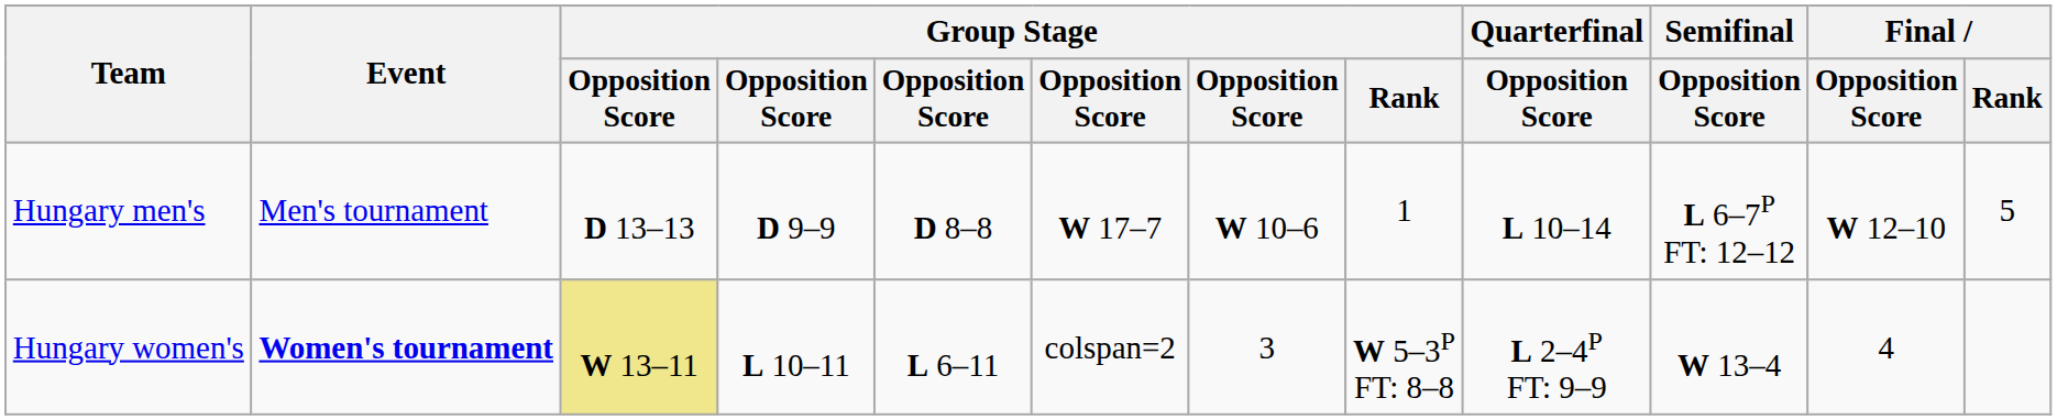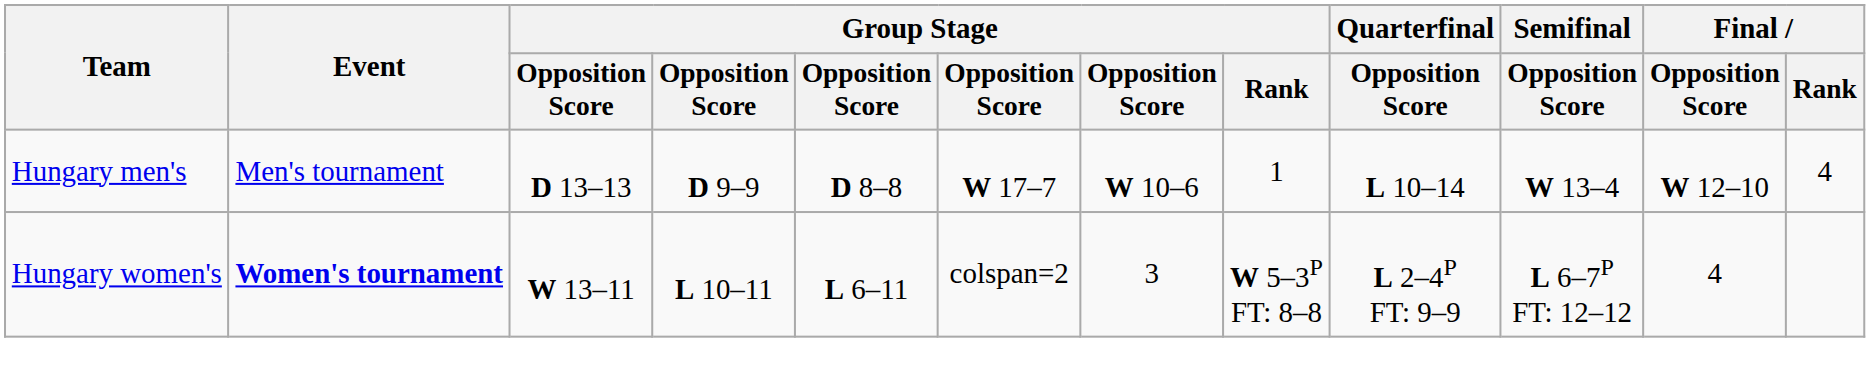 <table class="wikitable" style="font-size:90%">
 <tr>
 <th rowspan=2>Team</th>
 <th rowspan=2>Event</th>
 <th colspan=6>Group Stage</th>
 <th>Quarterfinal</th>
 <th>Semifinal</th>
 <th colspan=2>Final / </th>
 </tr>
 <tr style="font-size:95%">
 <th>Opposition<br>Score</th>
 <th>Opposition<br>Score</th>
 <th>Opposition<br>Score</th>
 <th>Opposition<br>Score</th>
 <th>Opposition<br>Score</th>
 <th>Rank</th>
 <th>Opposition<br>Score</th>
 <th>Opposition<br>Score</th>
 <th>Opposition<br>Score</th>
 <th>Rank</th>
 </tr>
 <tr align=center>
 <td align=left><a href='#'>Hungary men's</a></td>
 <td align=left><a href='#'>Men's tournament</a></td>
 <td><br><strong>D</strong> 13–13</td>
 <td><br><strong>D</strong> 9–9</td>
 <td><br><strong>D</strong> 8–8</td>
 <td><br><strong>W</strong> 17–7</td>
 <td><br><strong>W</strong> 10–6</td>
 <td>1</td>
 <td><br><strong>L</strong> 10–14</td>
-<td><br><strong>L</strong> 6–7<sup>P</sup><br>FT: 12–12</td>
+<td><br><strong>W</strong> 13–4</td>
 <td><br><strong>W</strong> 12–10</td>
-<td>5</td>
+<td>4</td>
 </tr>
 <tr align=center>
 <td align=left><a href='#'>Hungary women's</a></td>
 <td align=left><strong><a href='#'>Women's tournament</a></strong></td>
-<td style="background: khaki;"><br><strong>W</strong> 13–11</td>
+<td><br><strong>W</strong> 13–11</td>
 <td><br><strong>L</strong> 10–11</td>
 <td><br><strong>L</strong> 6–11</td>
 <td>colspan=2 </td>
 <td>3</td>
 <td><br><strong>W</strong> 5–3<sup>P</sup><br>FT: 8–8</td>
 <td><br><strong>L</strong> 2–4<sup>P</sup><br>FT: 9–9</td>
-<td><br><strong>W</strong> 13–4</td>
+<td><br><strong>L</strong> 6–7<sup>P</sup><br>FT: 12–12</td>
 <td>4</td>
 </tr>
 </table>
